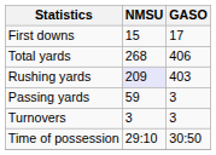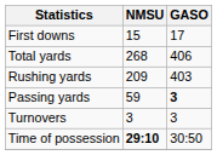 <table class="wikitable">
 <tr>
 <th>Statistics</th>
 <th>NMSU</th>
 <th>GASO</th>
 </tr>
 <tr>
 <td>First downs</td>
 <td>15</td>
 <td>17</td>
 </tr>
 <tr>
 <td>Total yards</td>
 <td>268</td>
 <td>406</td>
 </tr>
 <tr>
 <td>Rushing yards</td>
-<td style="background: lavender;">209</td>
+<td>209</td>
 <td>403</td>
 </tr>
 <tr>
 <td>Passing yards</td>
 <td>59</td>
-<td>3</td>
+<td><strong>3</strong></td>
 </tr>
 <tr>
 <td>Turnovers</td>
 <td>3</td>
 <td>3</td>
 </tr>
 <tr>
 <td>Time of possession</td>
-<td>29:10</td>
+<td><strong>29:10</strong></td>
 <td>30:50</td>
 </tr>
 <tr>
 </tr>
 </table>
